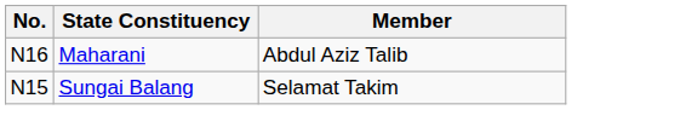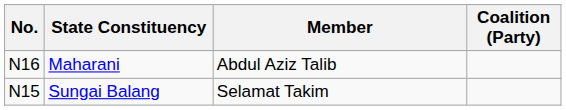 <table class="wikitable sortable">
 <tr>
 <th width="30">No.</th>
 <th width="150">State Constituency</th>
 <th width="230">Member</th>
+<th width="80">Coalition (Party)</th>
 </tr>
 <tr>
 <td>N16</td>
 <td><a href='#'>Maharani</a></td>
 <td>Abdul Aziz Talib</td>
+<td></td>
 </tr>
 <tr>
 <td>N15</td>
 <td><a href='#'>Sungai Balang</a></td>
 <td>Selamat Takim</td>
+<td></td>
 </tr>
 </table>
